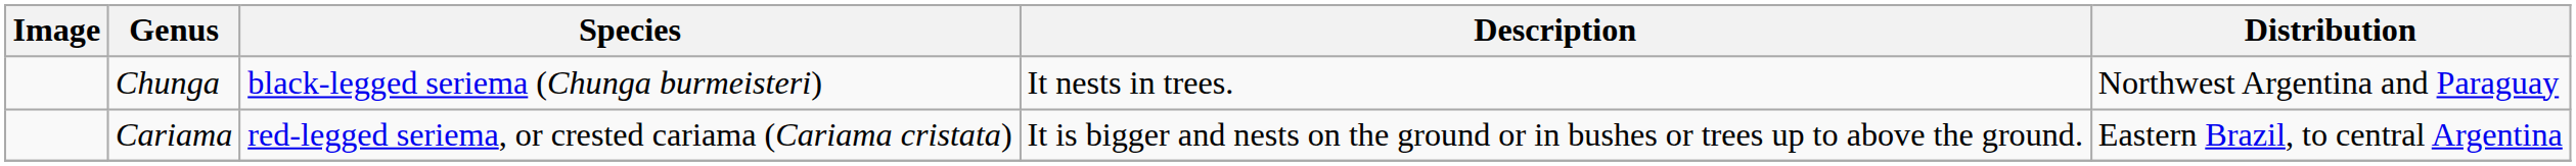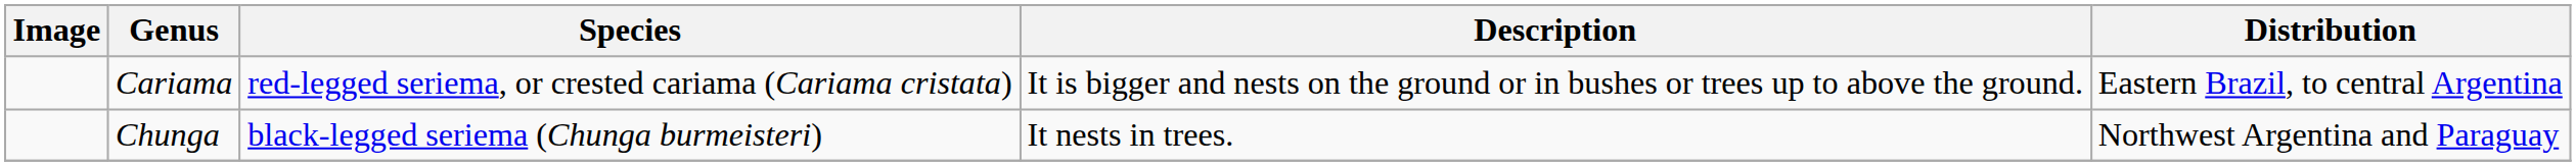 <table class="wikitable ">
 <tr>
 <th>Image</th>
 <th>Genus</th>
 <th>Species</th>
 <th>Description</th>
 <th>Distribution</th>
 </tr>
 <tr>
 <td></td>
+<td><em>Cariama</em> </td>
+<td><a href='#'>red-legged seriema</a>, or crested cariama (<em>Cariama cristata</em>)</td>
+<td>It is bigger and nests on the ground or in bushes or trees up to  above the ground.</td>
+<td>Eastern <a href='#'>Brazil</a>, to central <a href='#'>Argentina</a></td>
+</tr>
+<tr>
+<td></td>
 <td><em>Chunga</em> </td>
 <td><a href='#'>black-legged seriema</a> (<em>Chunga burmeisteri</em>)</td>
 <td>It nests in trees.</td>
 <td>Northwest Argentina and <a href='#'>Paraguay</a></td>
 </tr>
 <tr>
-<td></td>
-<td><em>Cariama</em> </td>
-<td><a href='#'>red-legged seriema</a>, or crested cariama (<em>Cariama cristata</em>)</td>
-<td>It is bigger and nests on the ground or in bushes or trees up to  above the ground.</td>
-<td>Eastern <a href='#'>Brazil</a>, to central <a href='#'>Argentina</a></td>
-</tr>
-<tr>
 </tr>
 </table>
